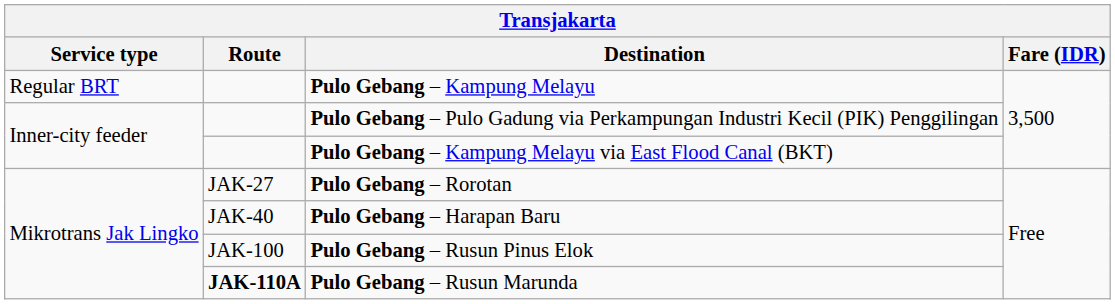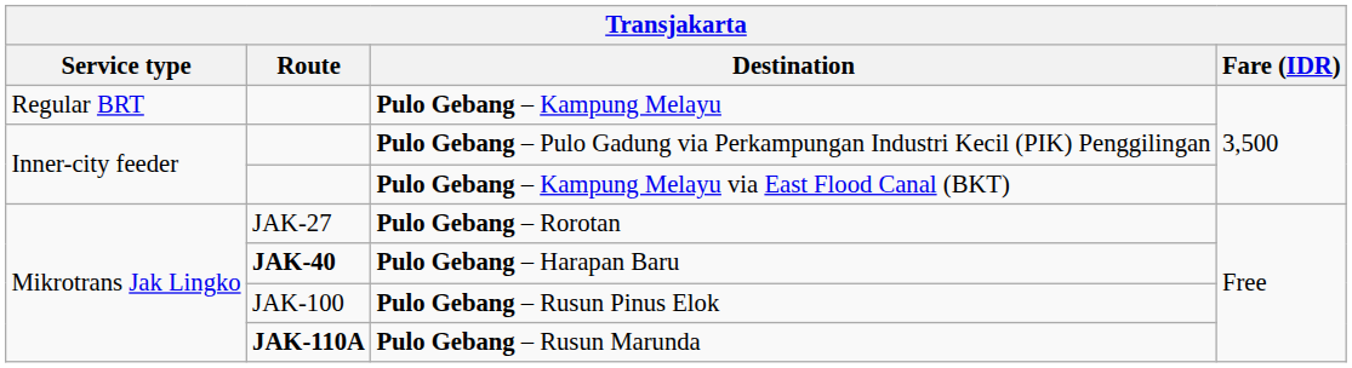 <table class="wikitable">
 <tr>
 <th colspan="4"><a href='#'>Transjakarta</a></th>
 </tr>
 <tr>
 <th>Service type</th>
 <th>Route</th>
 <th>Destination</th>
 <th>Fare (<a href='#'>IDR</a>)</th>
 </tr>
 <tr>
 <td>Regular <a href='#'>BRT</a></td>
 <td></td>
 <td><strong>Pulo Gebang</strong> – <a href='#'>Kampung Melayu</a></td>
 <td rowspan="3">3,500</td>
 </tr>
 <tr>
 <td rowspan="2">Inner-city feeder</td>
 <td></td>
 <td><strong>Pulo Gebang</strong> – Pulo Gadung via Perkampungan Industri Kecil (PIK) Penggilingan</td>
 </tr>
 <tr>
 <td></td>
 <td><strong>Pulo Gebang</strong> – <a href='#'>Kampung Melayu</a> via <a href='#'>East Flood Canal</a> (BKT)</td>
 </tr>
 <tr>
 <td rowspan="4">Mikrotrans <a href='#'>Jak Lingko</a></td>
 <td>JAK-27</td>
 <td><strong>Pulo Gebang</strong> – Rorotan</td>
 <td rowspan="4">Free</td>
 </tr>
 <tr>
-<td>JAK-40</td>
+<td><strong>JAK-40</strong></td>
 <td><strong>Pulo Gebang</strong> – Harapan Baru</td>
 </tr>
 <tr>
 <td>JAK-100</td>
 <td><strong>Pulo Gebang</strong> – Rusun Pinus Elok</td>
 </tr>
 <tr>
 <td><strong>JAK-110A</strong></td>
 <td><strong>Pulo Gebang</strong> – Rusun Marunda</td>
 </tr>
 </table>
